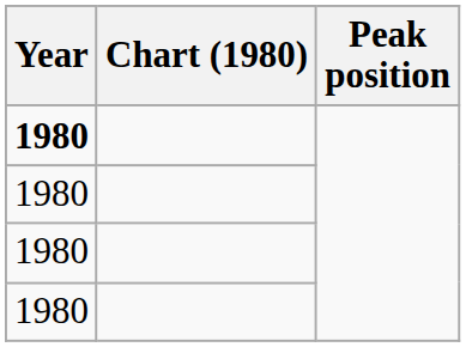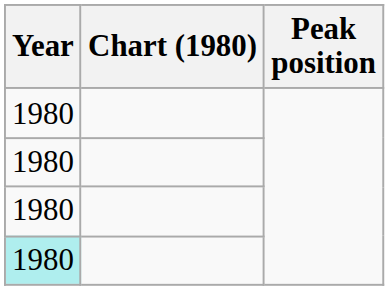 <table class="wikitable sortable">
 <tr>
 <th>Year</th>
 <th>Chart (1980)</th>
 <th>Peak<br>position</th>
-</tr>
-<tr>
-<td style="text-align:center"><strong>1980</strong></td>
-<td></td>
 </tr>
 <tr>
 <td style="text-align:center">1980</td>
 <td></td>
 </tr>
 <tr>
 <td style="text-align:center">1980</td>
 <td></td>
 </tr>
 <tr>
 <td style="text-align:center">1980</td>
 <td></td>
 </tr>
+<tr>
+<td style="background: paleturquoise; text-align:center">1980</td>
+<td></td>
+</tr>
 </table>
